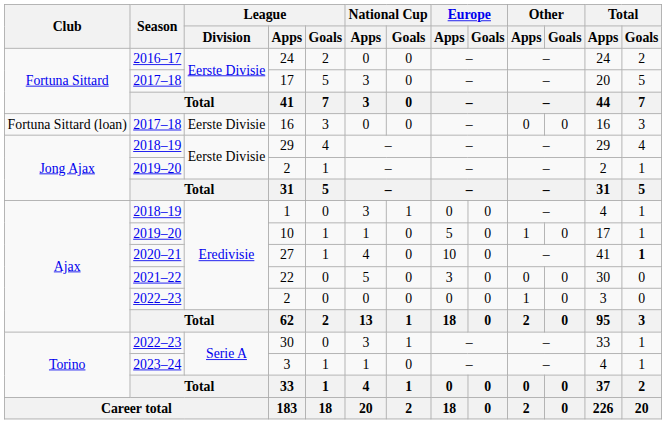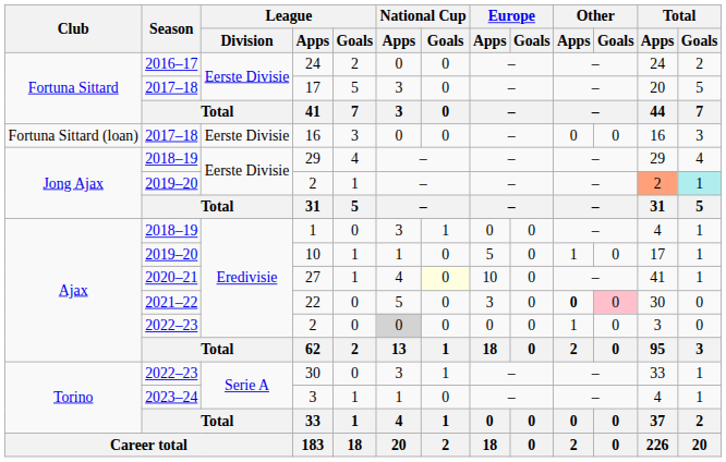 <table class="wikitable" style="text-align:center">
 <tr>
 <th rowspan="2">Club</th>
 <th rowspan="2">Season</th>
 <th colspan="3">League</th>
 <th colspan="2">National Cup</th>
 <th colspan="2"><a href='#'>Europe</a></th>
 <th colspan="2">Other</th>
 <th colspan="2">Total</th>
 </tr>
 <tr>
 <th>Division</th>
 <th>Apps</th>
 <th>Goals</th>
 <th>Apps</th>
 <th>Goals</th>
 <th>Apps</th>
 <th>Goals</th>
 <th>Apps</th>
 <th>Goals</th>
 <th>Apps</th>
 <th>Goals</th>
 </tr>
 <tr>
 <td rowspan="3"><a href='#'>Fortuna Sittard</a></td>
 <td><a href='#'>2016–17</a></td>
 <td rowspan="2"><a href='#'>Eerste Divisie</a></td>
 <td>24</td>
 <td>2</td>
 <td>0</td>
 <td>0</td>
 <td colspan="2">–</td>
 <td colspan="2">–</td>
 <td>24</td>
 <td>2</td>
 </tr>
 <tr>
 <td><a href='#'>2017–18</a></td>
 <td>17</td>
 <td>5</td>
 <td>3</td>
 <td>0</td>
 <td colspan="2">–</td>
 <td colspan="2">–</td>
 <td>20</td>
 <td>5</td>
 </tr>
 <tr>
 <th colspan="2">Total</th>
 <th>41</th>
 <th>7</th>
 <th>3</th>
 <th>0</th>
 <th colspan="2">–</th>
 <th colspan="2">–</th>
 <th>44</th>
 <th>7</th>
 </tr>
 <tr>
 <td>Fortuna Sittard (loan)</td>
 <td><a href='#'>2017–18</a></td>
 <td>Eerste Divisie</td>
 <td>16</td>
 <td>3</td>
 <td>0</td>
 <td>0</td>
 <td colspan="2">–</td>
 <td>0</td>
 <td>0</td>
 <td>16</td>
 <td>3</td>
 </tr>
 <tr>
 <td rowspan="3"><a href='#'>Jong Ajax</a></td>
 <td><a href='#'>2018–19</a></td>
 <td rowspan="2">Eerste Divisie</td>
 <td>29</td>
 <td>4</td>
 <td colspan="2">–</td>
 <td colspan="2">–</td>
 <td colspan="2">–</td>
 <td>29</td>
 <td>4</td>
 </tr>
 <tr>
 <td><a href='#'>2019–20</a></td>
 <td>2</td>
 <td>1</td>
 <td colspan="2">–</td>
 <td colspan="2">–</td>
 <td colspan="2">–</td>
-<td>2</td>
-<td>1</td>
+<td style="background: lightsalmon;">2</td>
+<td style="background: paleturquoise;">1</td>
 </tr>
 <tr>
 <th colspan="2">Total</th>
 <th>31</th>
 <th>5</th>
 <th colspan="2">–</th>
 <th colspan="2">–</th>
 <th colspan="2">–</th>
 <th>31</th>
 <th>5</th>
 </tr>
 <tr>
 <td rowspan="6"><a href='#'>Ajax</a></td>
 <td><a href='#'>2018–19</a></td>
 <td rowspan="5"><a href='#'>Eredivisie</a></td>
 <td>1</td>
 <td>0</td>
 <td>3</td>
 <td>1</td>
 <td>0</td>
 <td>0</td>
 <td colspan="2">–</td>
 <td>4</td>
 <td>1</td>
 </tr>
 <tr>
 <td><a href='#'>2019–20</a></td>
 <td>10</td>
 <td>1</td>
 <td>1</td>
 <td>0</td>
 <td>5</td>
 <td>0</td>
 <td>1</td>
 <td>0</td>
 <td>17</td>
 <td>1</td>
 </tr>
 <tr>
 <td><a href='#'>2020–21</a></td>
 <td>27</td>
 <td>1</td>
 <td>4</td>
-<td>0</td>
+<td style="background: lightyellow;">0</td>
 <td>10</td>
 <td>0</td>
 <td colspan="2">–</td>
 <td>41</td>
-<td><strong>1</strong></td>
+<td>1</td>
 </tr>
 <tr>
 <td><a href='#'>2021–22</a></td>
 <td>22</td>
 <td>0</td>
 <td>5</td>
 <td>0</td>
 <td>3</td>
 <td>0</td>
-<td>0</td>
-<td>0</td>
+<td><strong>0</strong></td>
+<td style="background: pink;">0</td>
 <td>30</td>
 <td>0</td>
 </tr>
 <tr>
 <td><a href='#'>2022–23</a></td>
 <td>2</td>
 <td>0</td>
-<td>0</td>
+<td style="background: lightgrey;">0</td>
 <td>0</td>
 <td>0</td>
 <td>0</td>
 <td>1</td>
 <td>0</td>
 <td>3</td>
 <td>0</td>
 </tr>
 <tr>
 <th colspan="2">Total</th>
 <th>62</th>
 <th>2</th>
 <th>13</th>
 <th>1</th>
 <th>18</th>
 <th>0</th>
 <th>2</th>
 <th>0</th>
 <th>95</th>
 <th>3</th>
 </tr>
 <tr>
 <td rowspan="3"><a href='#'>Torino</a></td>
 <td><a href='#'>2022–23</a></td>
 <td rowspan="2"><a href='#'>Serie A</a></td>
 <td>30</td>
 <td>0</td>
 <td>3</td>
 <td>1</td>
 <td colspan="2">–</td>
 <td colspan="2">–</td>
 <td>33</td>
 <td>1</td>
 </tr>
 <tr>
 <td><a href='#'>2023–24</a></td>
 <td>3</td>
 <td>1</td>
 <td>1</td>
 <td>0</td>
 <td colspan="2">–</td>
 <td colspan="2">–</td>
 <td>4</td>
 <td>1</td>
 </tr>
 <tr>
 <th colspan="2">Total</th>
 <th>33</th>
 <th>1</th>
 <th>4</th>
 <th>1</th>
 <th>0</th>
 <th>0</th>
 <th>0</th>
 <th>0</th>
 <th>37</th>
 <th>2</th>
 </tr>
 <tr>
 <th colspan="3">Career total</th>
 <th>183</th>
 <th>18</th>
 <th>20</th>
 <th>2</th>
 <th>18</th>
 <th>0</th>
 <th>2</th>
 <th>0</th>
 <th>226</th>
 <th>20</th>
 </tr>
 </table>
